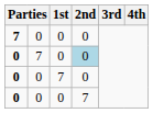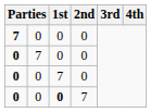 <table class="wikitable" style="text-align:center;">
 <tr>
 <th colspan=2 style="text-align:left;">Parties</th>
 <th>1st</th>
 <th>2nd</th>
 <th>3rd</th>
 <th>4th</th>
 </tr>
 <tr>
 <td><strong>7</strong></td>
 <td>0</td>
 <td>0</td>
 <td>0</td>
 </tr>
 <tr>
 <td><strong>0</strong></td>
 <td>7</td>
 <td>0</td>
-<td style="background: lightblue;">0</td>
+<td>0</td>
 </tr>
 <tr>
 <td><strong>0</strong></td>
 <td>0</td>
 <td>7</td>
 <td>0</td>
 </tr>
 <tr>
 <td><strong>0</strong></td>
 <td>0</td>
-<td>0</td>
+<td><strong>0</strong></td>
 <td>7</td>
 </tr>
 </table>
